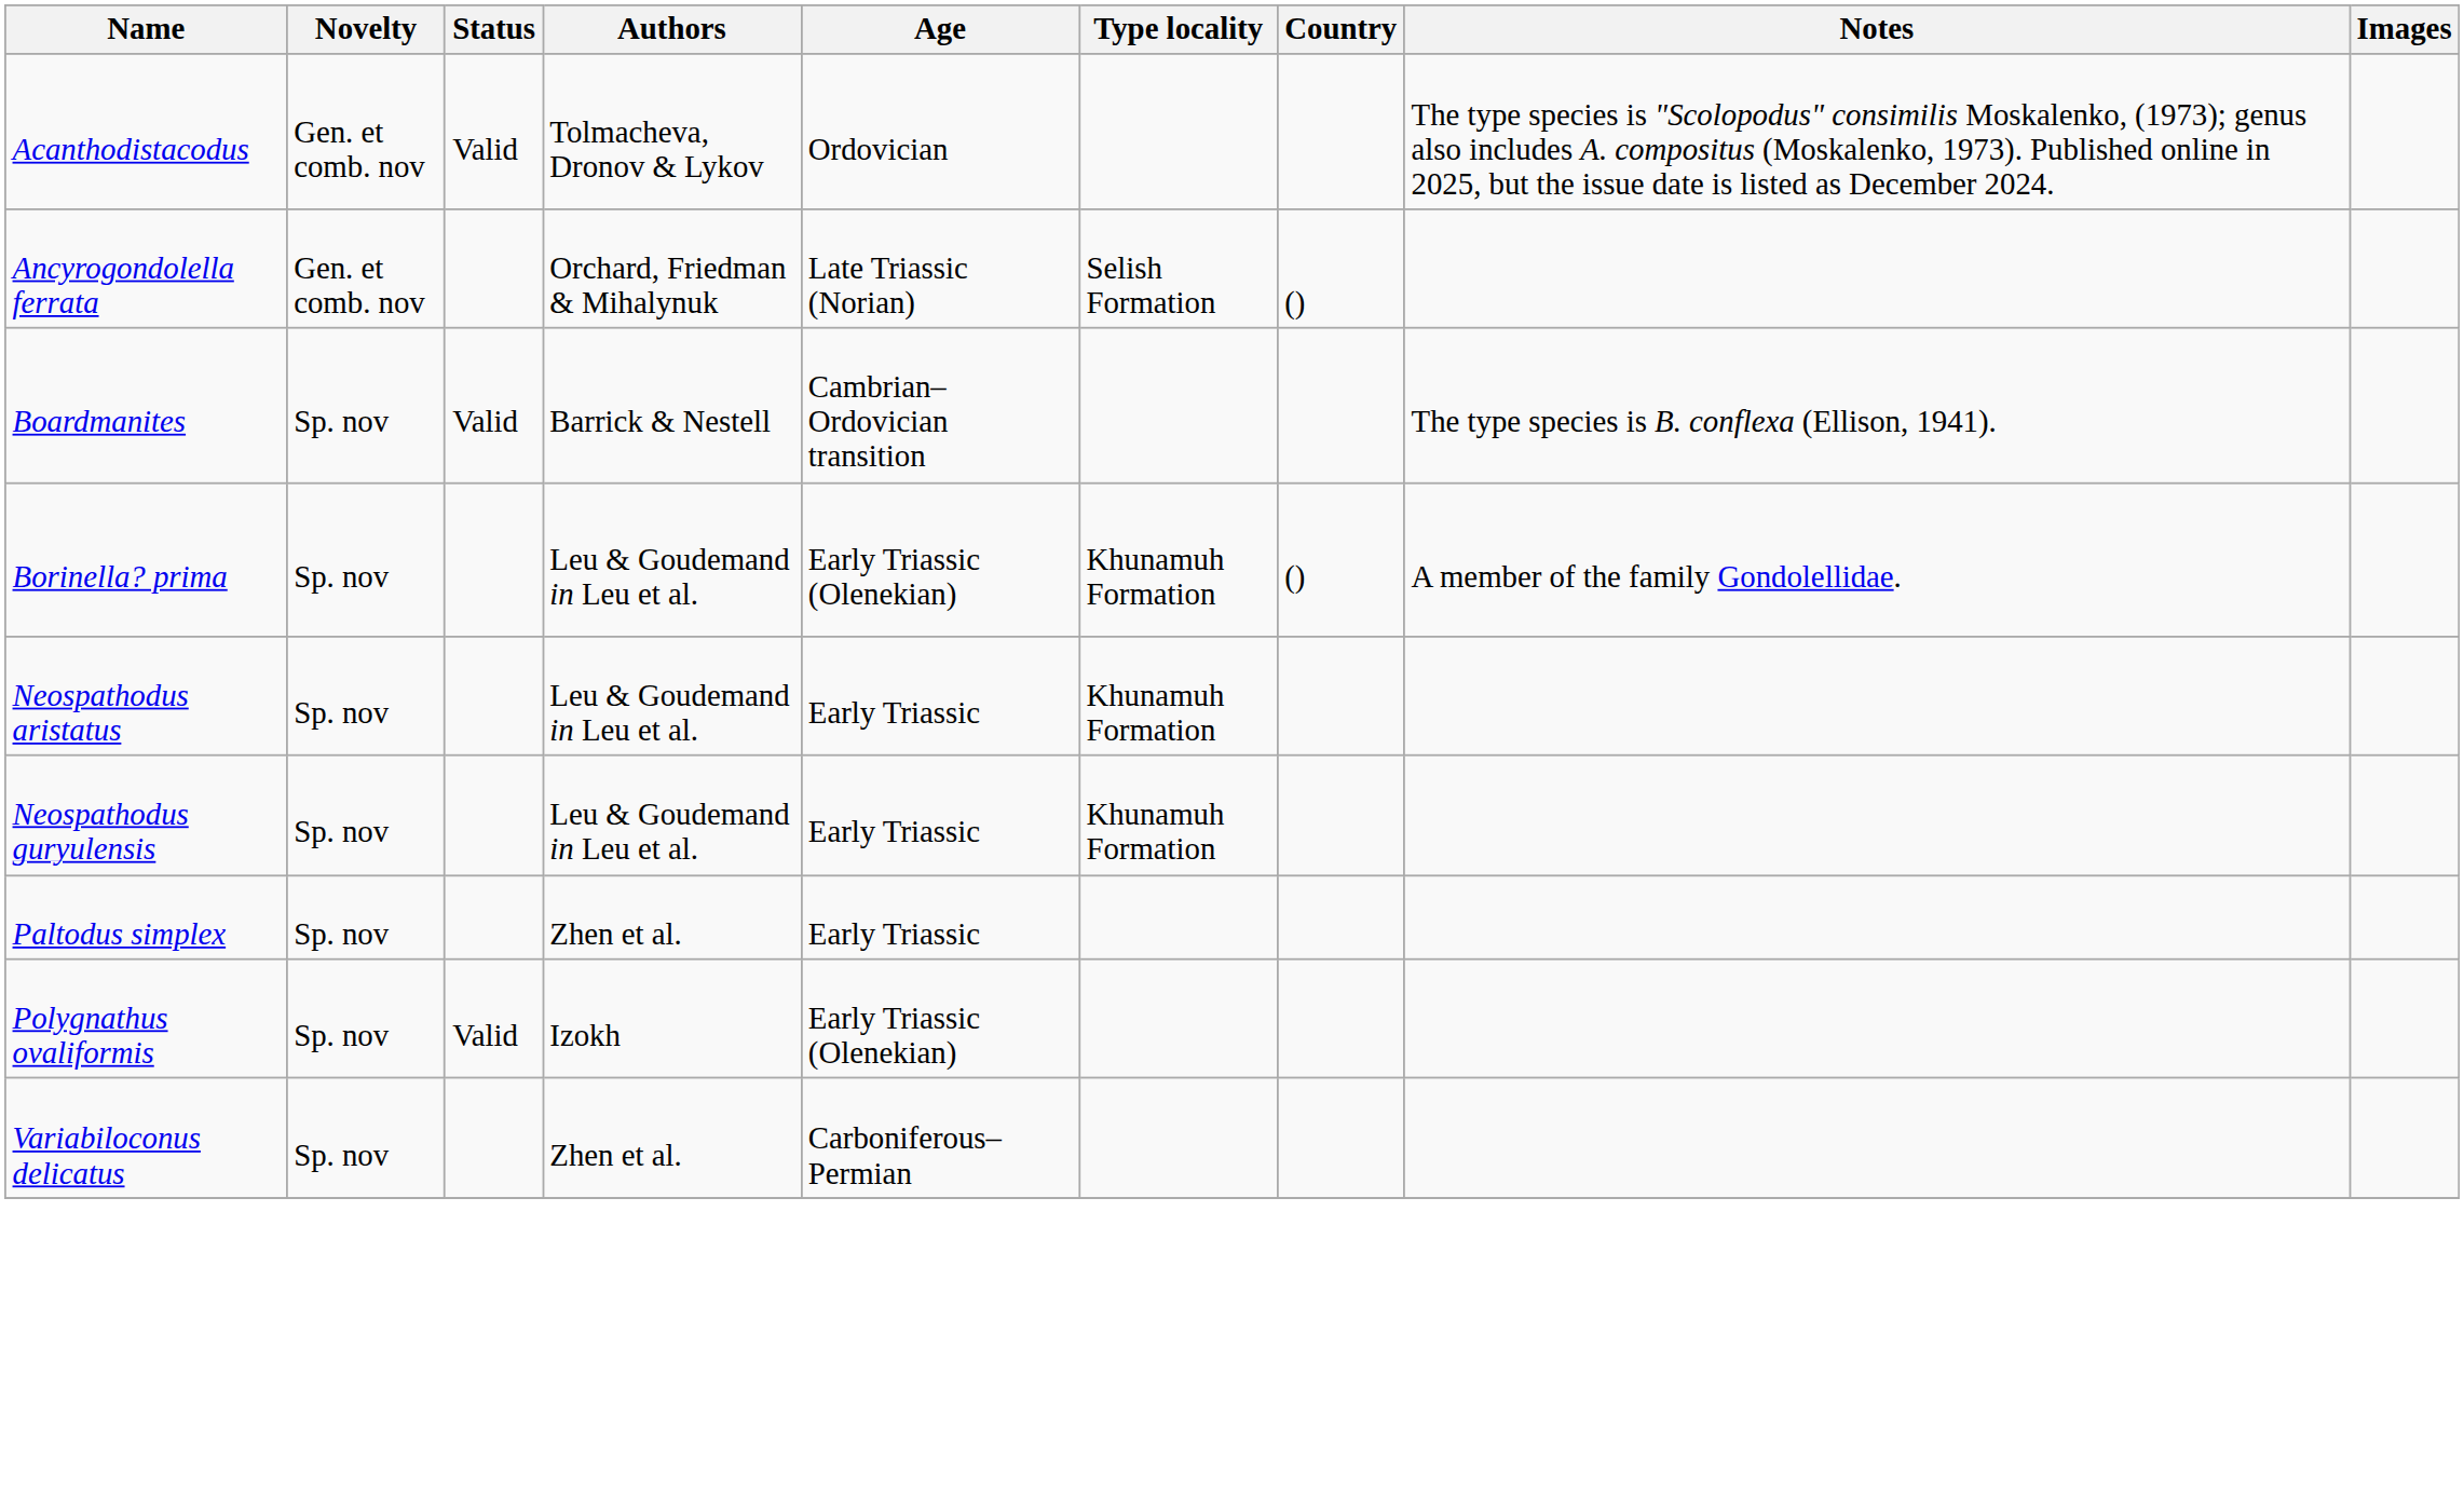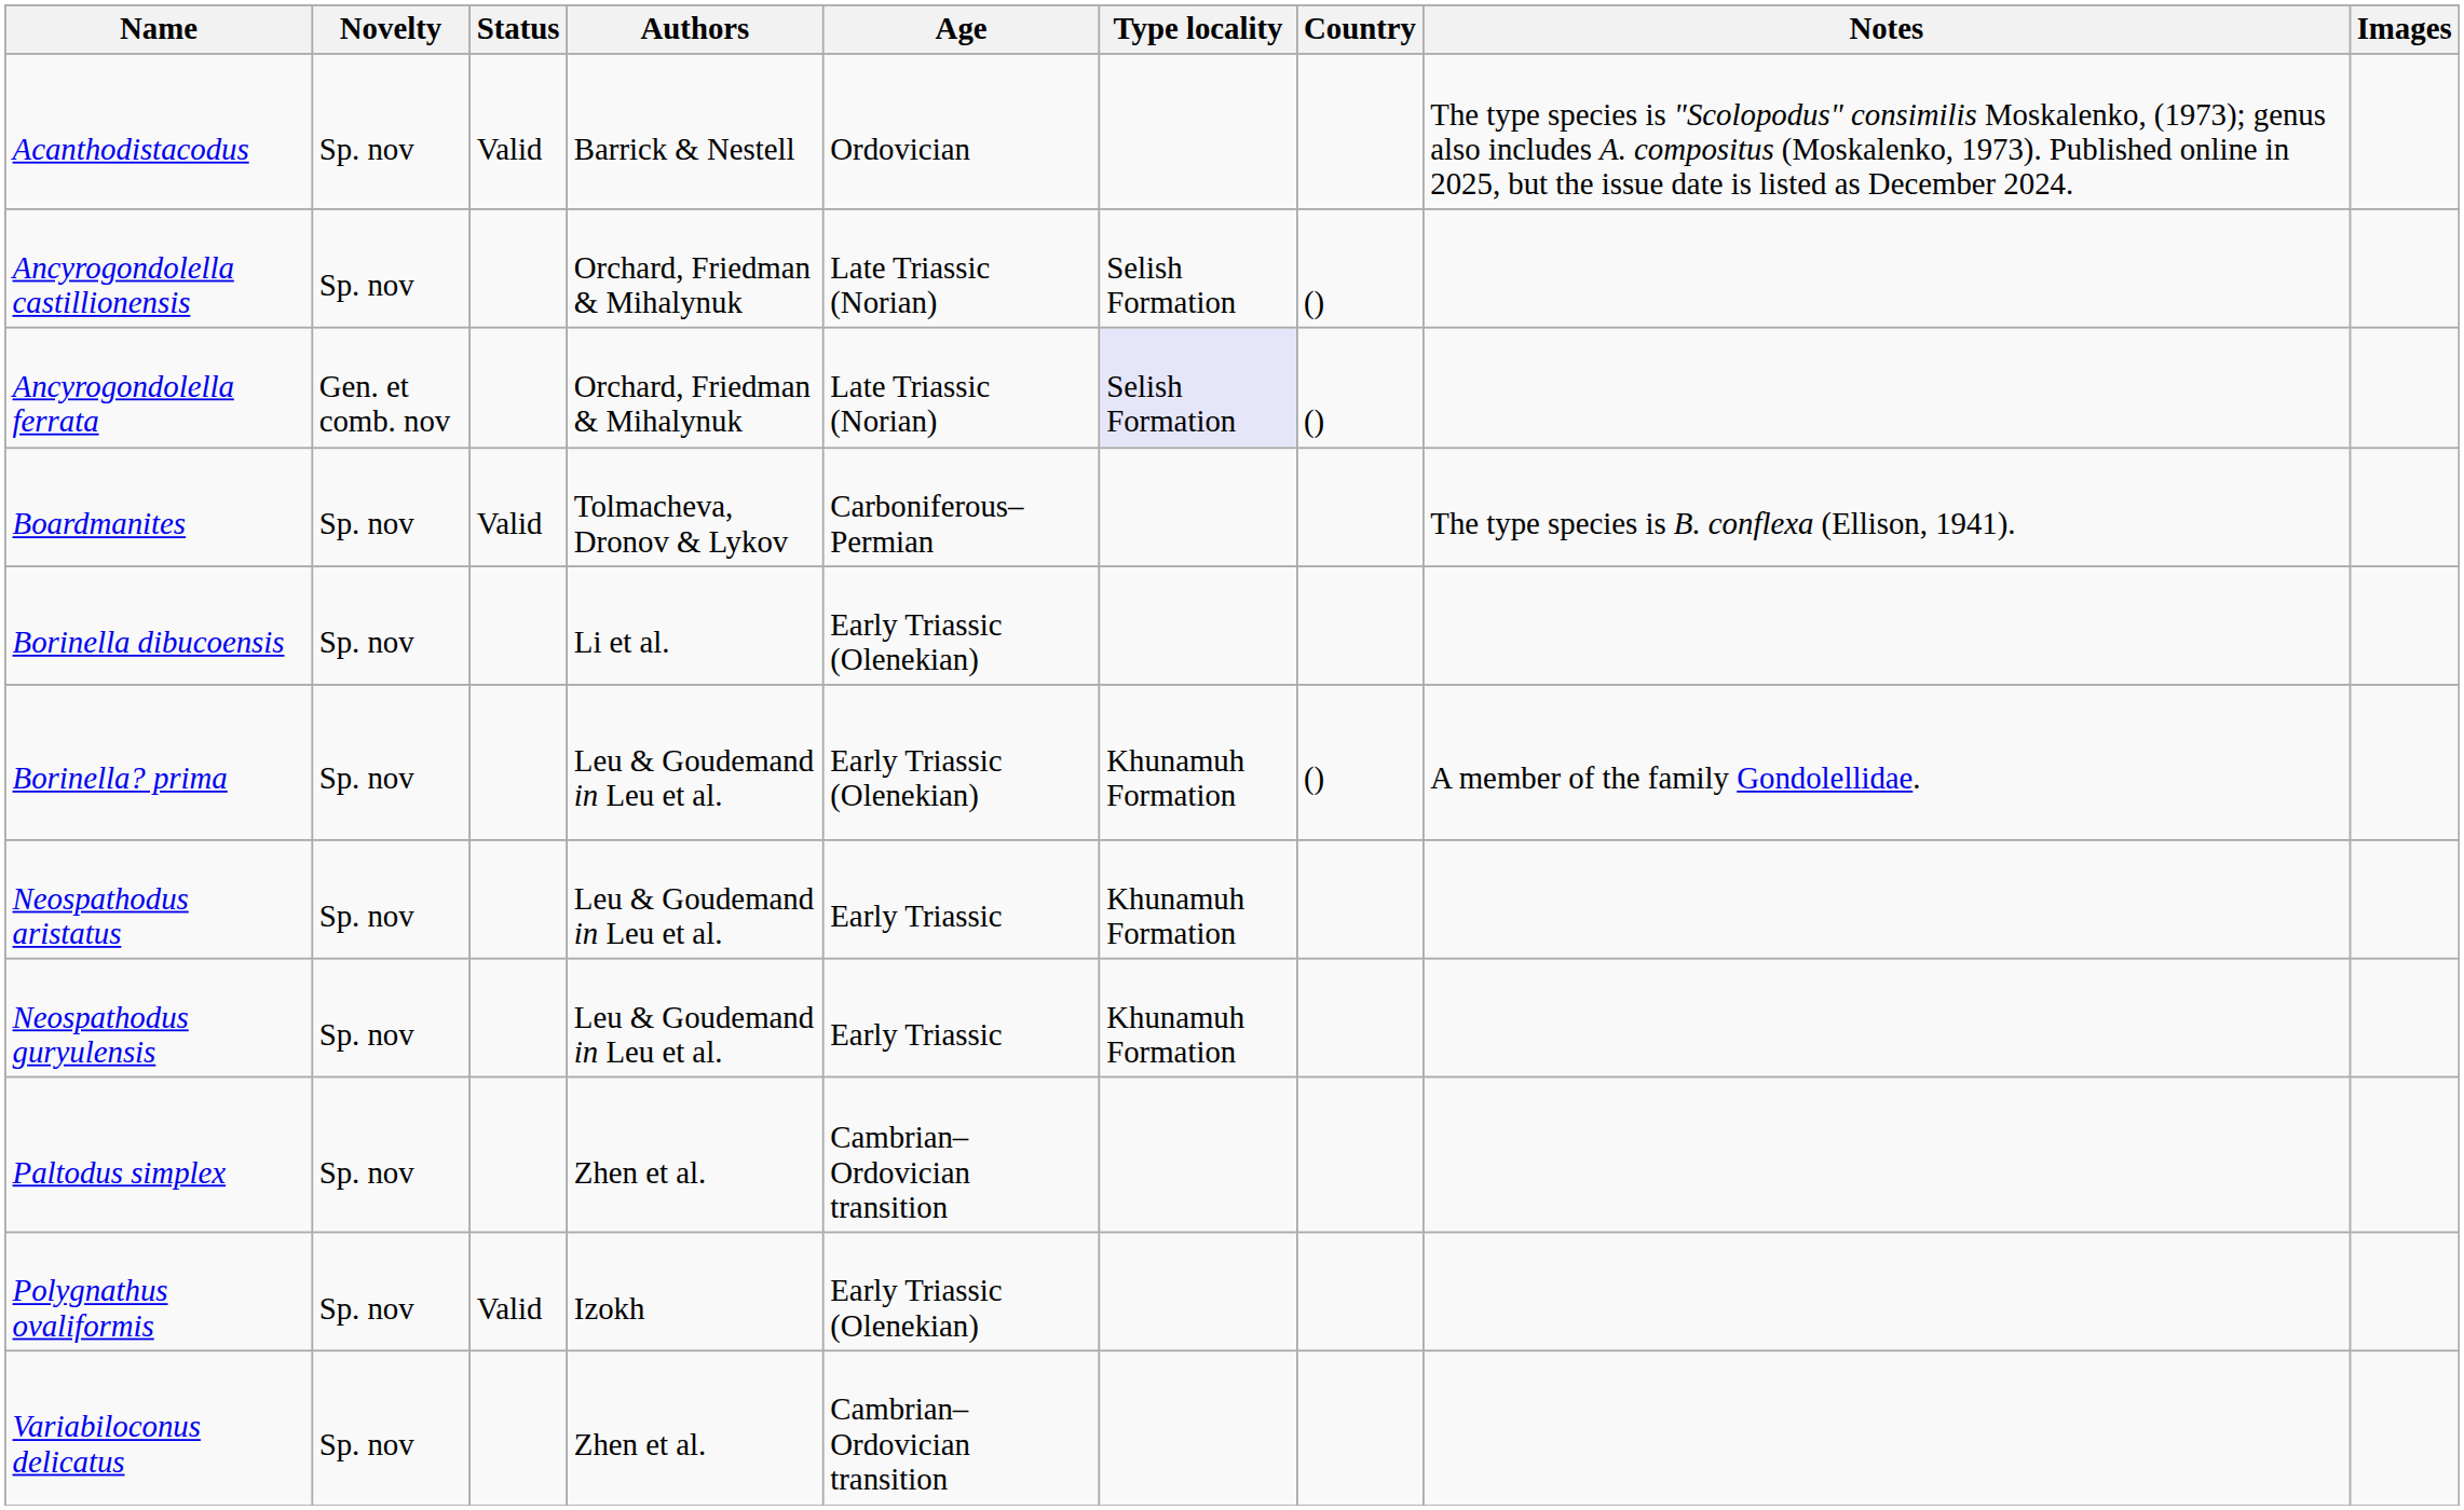 <table class="wikitable sortable" align="center" width="100%">
 <tr>
 <th>Name</th>
 <th>Novelty</th>
 <th>Status</th>
 <th>Authors</th>
 <th>Age</th>
 <th>Type locality</th>
 <th>Country</th>
 <th>Notes</th>
 <th>Images</th>
 </tr>
 <tr>
 <td><br><em><a href='#'>Acanthodistacodus</a></em></td>
-<td><br>Gen. et comb. nov</td>
+<td><br>Sp. nov</td>
 <td><br>Valid</td>
-<td><br>Tolmacheva, Dronov & Lykov</td>
+<td><br>Barrick & Nestell</td>
 <td><br>Ordovician</td>
 <td></td>
 <td><br></td>
 <td><br>The type species is <em>"Scolopodus" consimilis</em> Moskalenko, (1973); genus also includes <em>A. compositus</em> (Moskalenko, 1973). Published online in 2025, but the issue date is listed as December 2024.</td>
 <td></td>
 </tr>
 <tr>
-<td><br><em><a href='#'>Ancyrogondolella ferrata</a></em></td>
-<td><br>Gen. et comb. nov</td>
+<td><br><em><a href='#'>Ancyrogondolella castillionensis</a></em></td>
+<td><br>Sp. nov</td>
 <td></td>
 <td><br>Orchard, Friedman & Mihalynuk</td>
 <td><br>Late Triassic (Norian)</td>
 <td><br>Selish Formation</td>
 <td><br><br>()</td>
 <td></td>
 <td></td>
 </tr>
 <tr>
+<td><br><em><a href='#'>Ancyrogondolella ferrata</a></em></td>
+<td><br>Gen. et comb. nov</td>
+<td></td>
+<td><br>Orchard, Friedman & Mihalynuk</td>
+<td><br>Late Triassic (Norian)</td>
+<td style="background: lavender;"><br>Selish Formation</td>
+<td><br><br>()</td>
+<td></td>
+<td></td>
+</tr>
+<tr>
 <td><br><em><a href='#'>Boardmanites</a></em></td>
 <td><br>Sp. nov</td>
 <td><br>Valid</td>
-<td><br>Barrick & Nestell</td>
-<td><br>Cambrian–Ordovician transition</td>
+<td><br>Tolmacheva, Dronov & Lykov</td>
+<td><br>Carboniferous–Permian</td>
 <td></td>
 <td><br></td>
 <td><br>The type species is <em>B. conflexa</em> (Ellison, 1941).</td>
+<td></td>
+</tr>
+<tr>
+<td><br><em><a href='#'>Borinella dibucoensis</a></em></td>
+<td><br>Sp. nov</td>
+<td></td>
+<td><br>Li et al.</td>
+<td><br>Early Triassic (Olenekian)</td>
+<td></td>
+<td><br></td>
+<td></td>
 <td></td>
 </tr>
 <tr>
 <td><br><em><a href='#'>Borinella? prima</a></em></td>
 <td><br>Sp. nov</td>
 <td></td>
 <td><br>Leu & Goudemand <em>in</em> Leu et al.</td>
 <td><br>Early Triassic (Olenekian)</td>
 <td><br>Khunamuh Formation</td>
 <td><br><br>()<br> <br> </td>
 <td><br>A member of the family <a href='#'>Gondolellidae</a>.</td>
 <td></td>
 </tr>
 <tr>
 <td><br><em><a href='#'>Neospathodus aristatus</a></em></td>
 <td><br>Sp. nov</td>
 <td></td>
 <td><br>Leu & Goudemand <em>in</em> Leu et al.</td>
 <td><br>Early Triassic</td>
 <td><br>Khunamuh Formation</td>
 <td><br><br> <br> </td>
 <td></td>
 <td></td>
 </tr>
 <tr>
 <td><br><em><a href='#'>Neospathodus guryulensis</a></em></td>
 <td><br>Sp. nov</td>
 <td></td>
 <td><br>Leu & Goudemand <em>in</em> Leu et al.</td>
 <td><br>Early Triassic</td>
 <td><br>Khunamuh Formation</td>
 <td><br></td>
 <td></td>
 <td></td>
 </tr>
 <tr>
 <td><br><em><a href='#'>Paltodus simplex</a></em></td>
 <td><br>Sp. nov</td>
 <td></td>
 <td><br>Zhen et al.</td>
-<td><br>Early Triassic</td>
+<td><br>Cambrian–Ordovician transition</td>
 <td></td>
 <td><br></td>
 <td></td>
 <td></td>
 </tr>
 <tr>
 <td><br><em><a href='#'>Polygnathus ovaliformis</a></em></td>
 <td><br>Sp. nov</td>
 <td><br>Valid</td>
 <td><br>Izokh</td>
 <td><br>Early Triassic (Olenekian)</td>
 <td></td>
 <td><br></td>
 <td></td>
 <td></td>
 </tr>
 <tr>
 <td><br><em><a href='#'>Variabiloconus delicatus</a></em></td>
 <td><br>Sp. nov</td>
 <td></td>
 <td><br>Zhen et al.</td>
-<td><br>Carboniferous–Permian</td>
+<td><br>Cambrian–Ordovician transition</td>
 <td></td>
 <td><br></td>
 <td></td>
 <td></td>
 </tr>
 <tr>
 </tr>
 </table>
